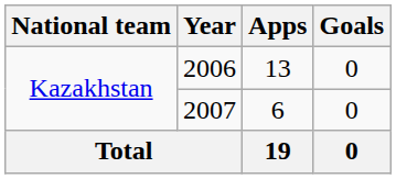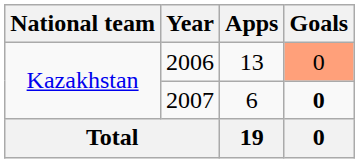 <table class="wikitable" style="text-align: center;">
 <tr>
 <th>National team</th>
 <th>Year</th>
 <th>Apps</th>
 <th>Goals</th>
 </tr>
 <tr>
 <td rowspan="2" valign="center"><a href='#'>Kazakhstan</a></td>
 <td>2006</td>
 <td>13</td>
-<td>0</td>
+<td style="background: lightsalmon;">0</td>
 </tr>
 <tr>
 <td>2007</td>
 <td>6</td>
-<td>0</td>
+<td><strong>0</strong></td>
 </tr>
 <tr>
 <th colspan="2">Total</th>
 <th>19</th>
 <th>0</th>
 </tr>
 </table>
